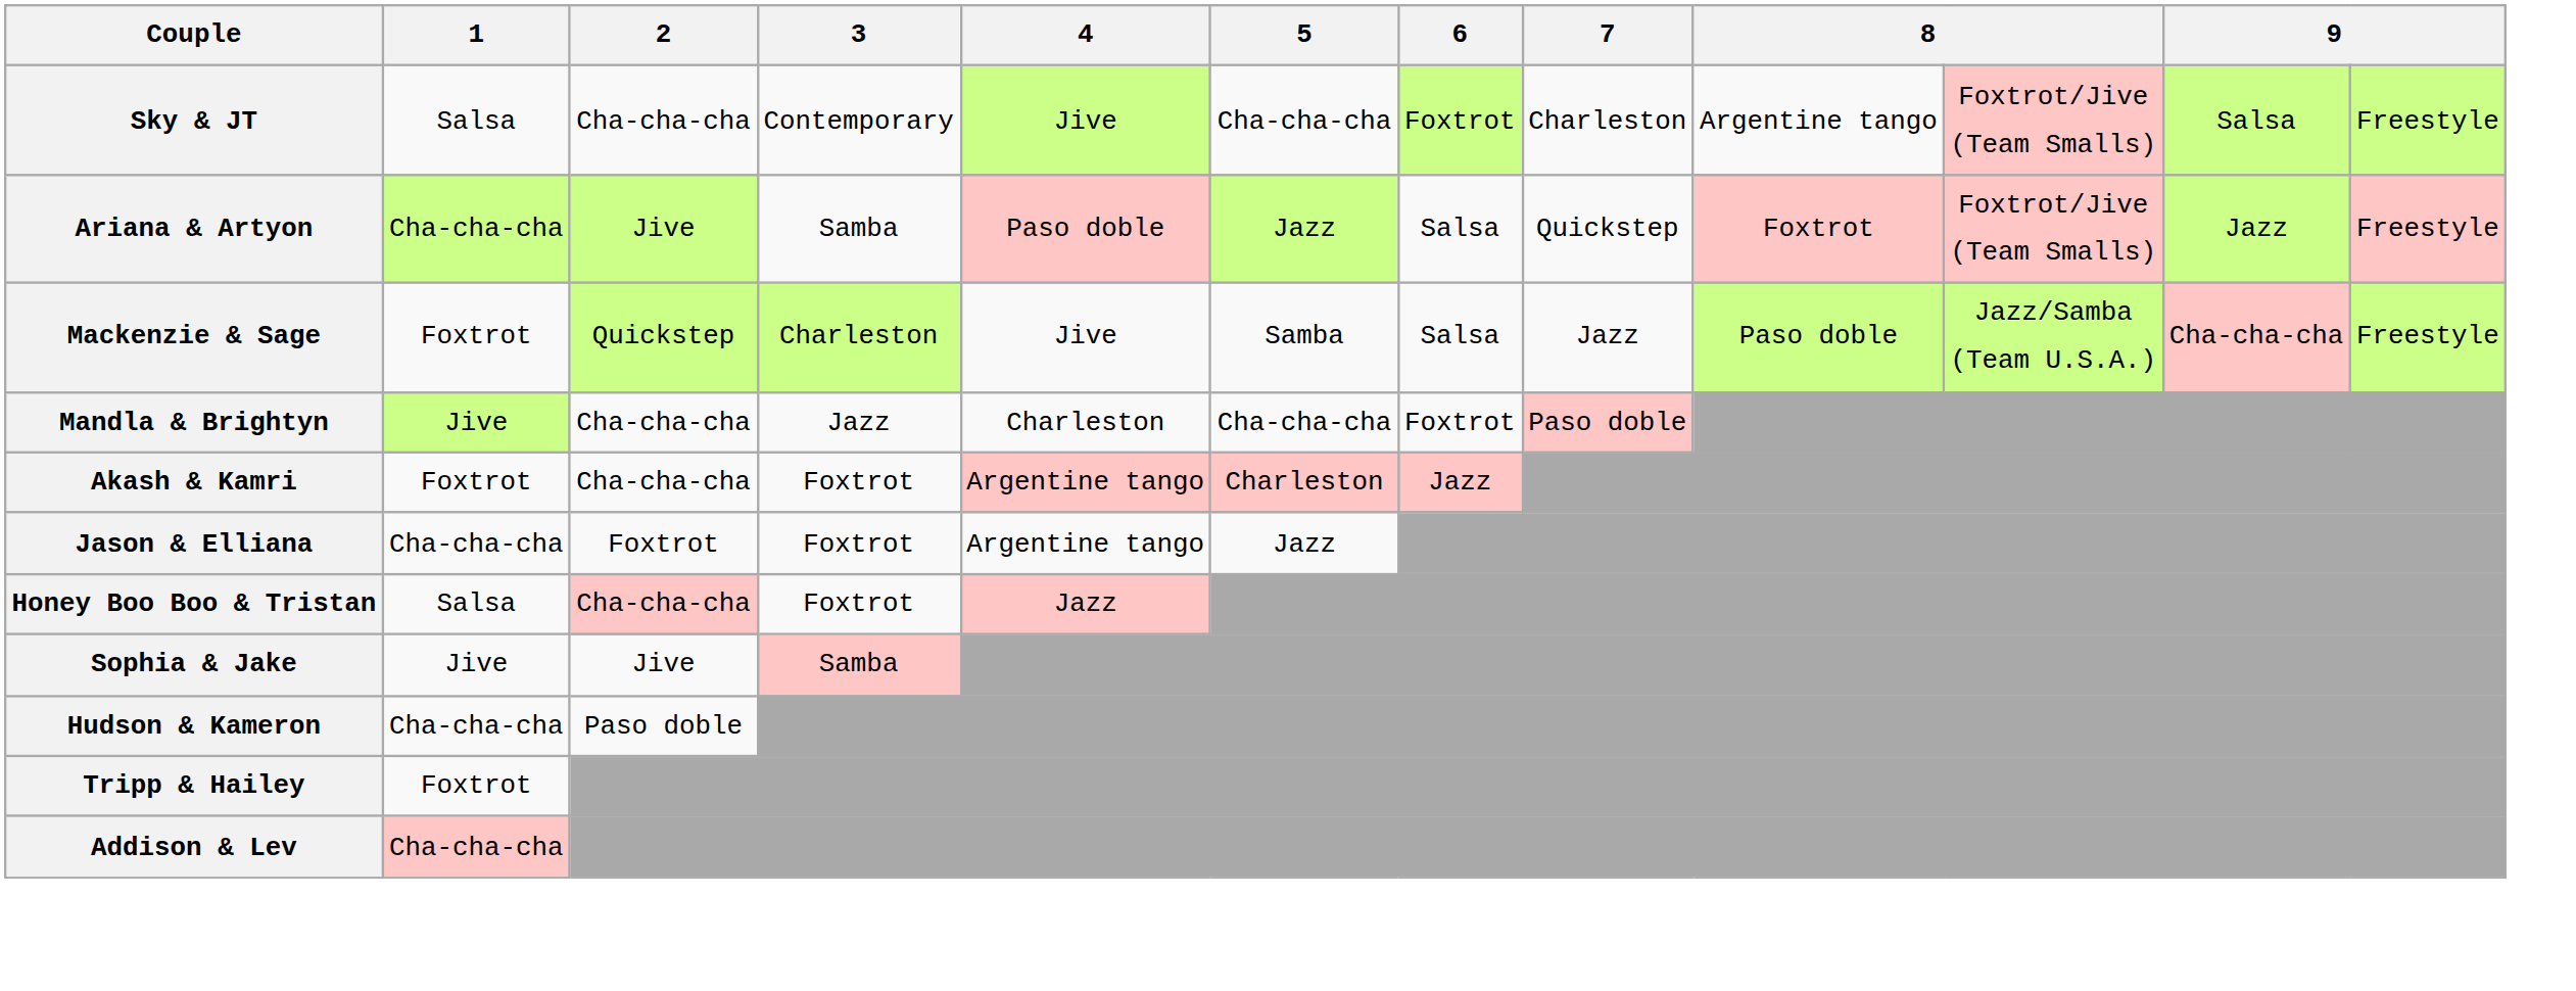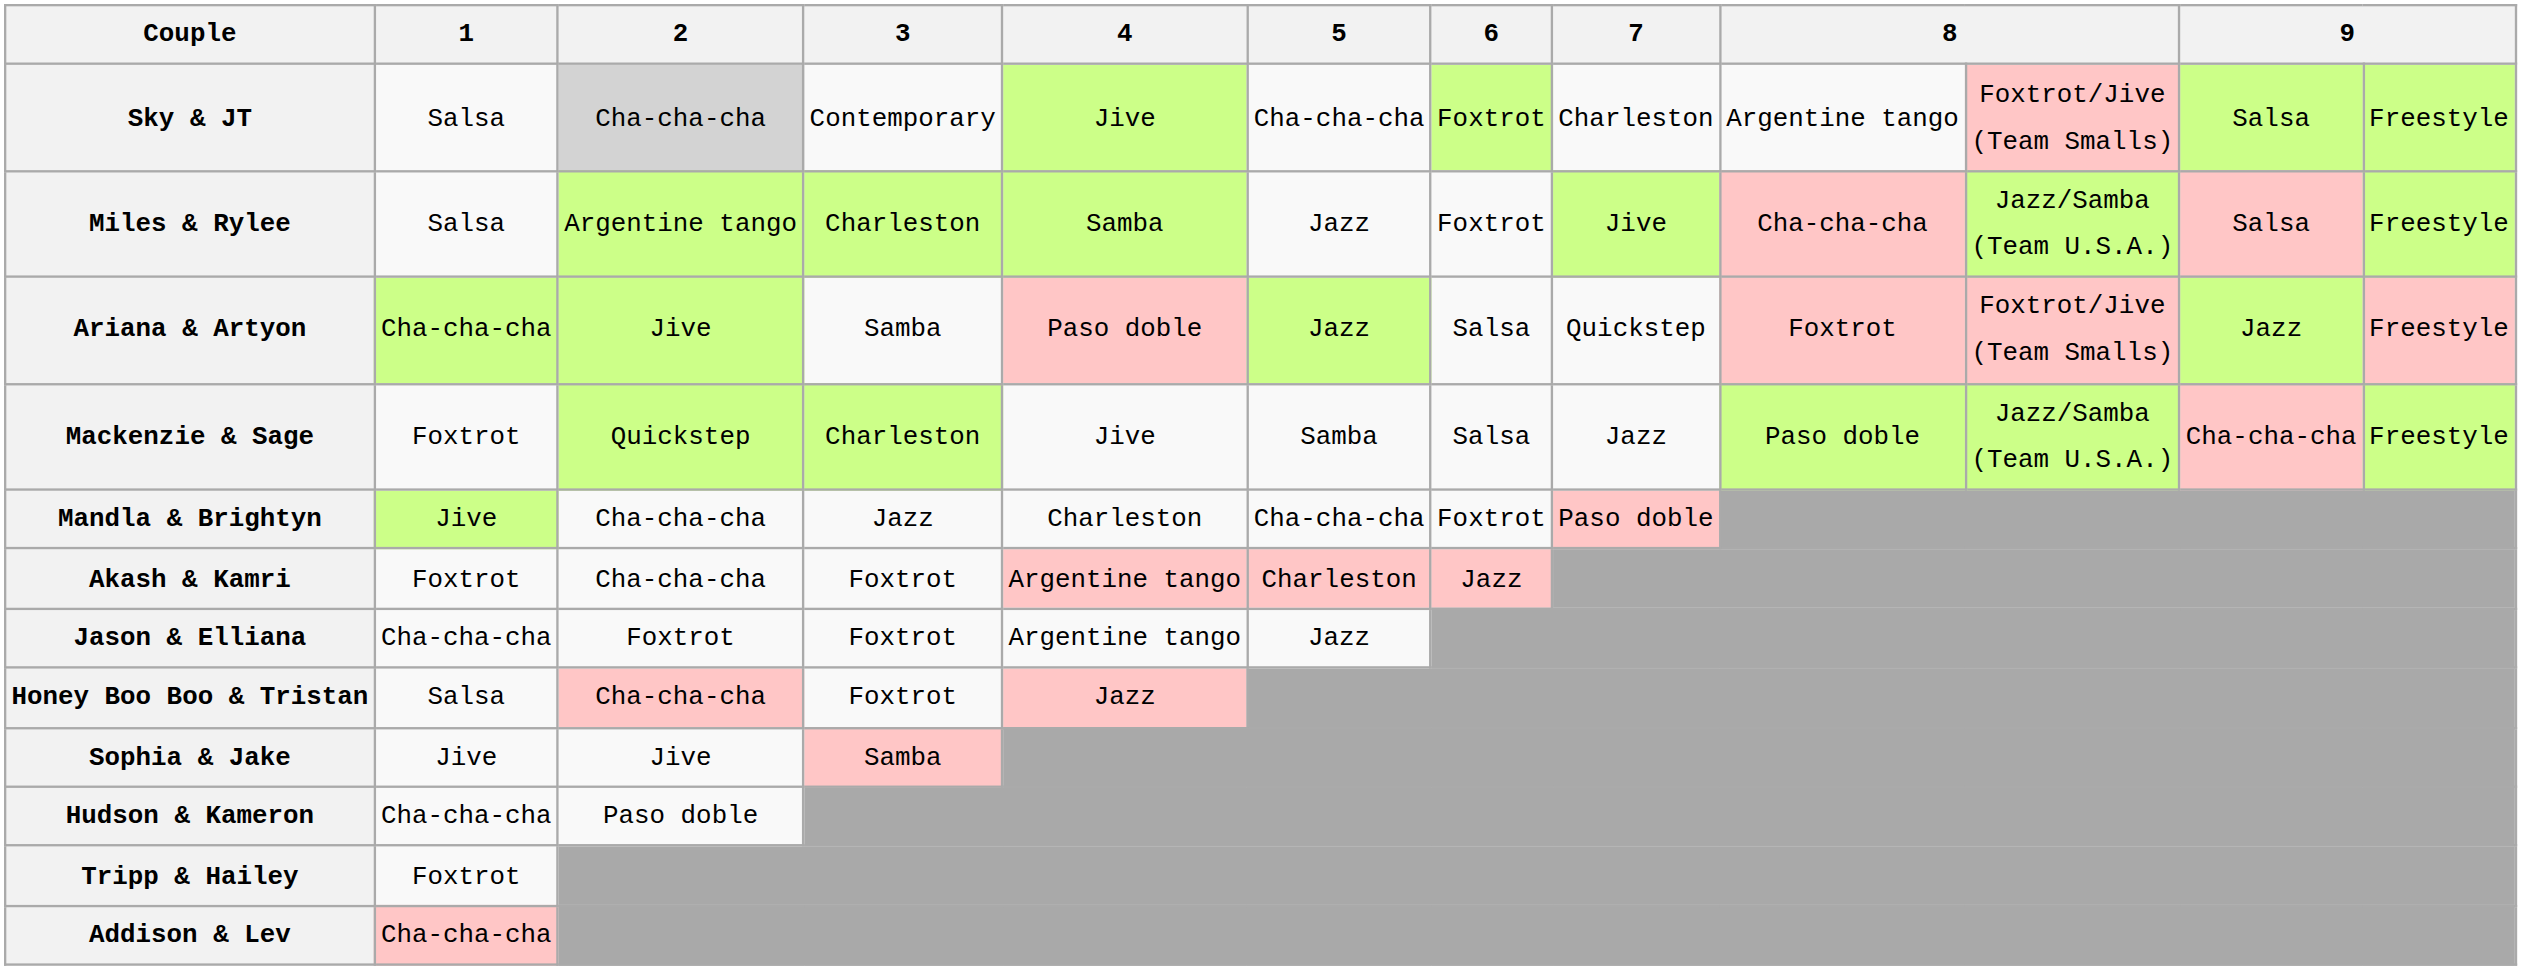 <table class="wikitable unsortable" style="text-align:center; font-size:85%; line-height:20px">
 <tr>
 <th scope="col">Couple</th>
 <th scope="col">1</th>
 <th scope="col">2</th>
 <th scope="col">3</th>
 <th scope="col">4</th>
 <th scope="col">5</th>
 <th scope="col">6</th>
 <th scope="col">7</th>
 <th scope="col" colspan=2>8</th>
 <th scope="col" colspan=2>9</th>
 </tr>
 <tr>
 <th scope="row">Sky & JT</th>
 <td>Salsa</td>
-<td>Cha-cha-cha</td>
+<td style="background: lightgrey;">Cha-cha-cha</td>
 <td>Contemporary</td>
 <td style="background:#ccff88">Jive</td>
 <td>Cha-cha-cha</td>
 <td style="background:#ccff88">Foxtrot</td>
 <td>Charleston</td>
 <td>Argentine tango</td>
 <td style="background:#ffc6c6">Foxtrot/Jive<br>(Team Smalls)</td>
 <td style="background:#ccff88">Salsa</td>
+<td style="background:#ccff88">Freestyle</td>
+</tr>
+<tr>
+<th scope="row">Miles & Rylee</th>
+<td>Salsa</td>
+<td style="background:#ccff88">Argentine tango</td>
+<td style="background:#ccff88">Charleston</td>
+<td style="background:#ccff88">Samba</td>
+<td>Jazz</td>
+<td>Foxtrot</td>
+<td style="background:#ccff88">Jive</td>
+<td style="background:#ffc6c6">Cha-cha-cha</td>
+<td style="background:#ccff88">Jazz/Samba<br>(Team U.S.A.)</td>
+<td style="background:#ffc6c6">Salsa</td>
 <td style="background:#ccff88">Freestyle</td>
 </tr>
 <tr>
 <th scope="row">Ariana & Artyon</th>
 <td style="background:#ccff88">Cha-cha-cha</td>
 <td style="background:#ccff88">Jive</td>
 <td>Samba</td>
 <td style="background:#ffc6c6">Paso doble</td>
 <td style="background:#ccff88">Jazz</td>
 <td>Salsa</td>
 <td>Quickstep</td>
 <td style="background:#ffc6c6">Foxtrot</td>
 <td style="background:#ffc6c6">Foxtrot/Jive<br>(Team Smalls)</td>
 <td style="background:#ccff88">Jazz</td>
 <td style="background:#ffc6c6">Freestyle</td>
 </tr>
 <tr>
 <th scope="row">Mackenzie & Sage</th>
 <td>Foxtrot</td>
 <td style="background:#ccff88">Quickstep</td>
 <td style="background:#ccff88">Charleston</td>
 <td>Jive</td>
 <td>Samba</td>
 <td>Salsa</td>
 <td>Jazz</td>
 <td style="background:#ccff88">Paso doble</td>
 <td style="background:#ccff88">Jazz/Samba<br>(Team U.S.A.)</td>
 <td style="background:#ffc6c6">Cha-cha-cha</td>
 <td style="background:#ccff88">Freestyle</td>
 </tr>
 <tr>
 <th scope="row">Mandla & Brightyn</th>
 <td style="background:#ccff88">Jive</td>
 <td>Cha-cha-cha</td>
 <td>Jazz</td>
 <td>Charleston</td>
 <td>Cha-cha-cha</td>
 <td>Foxtrot</td>
 <td style="background:#ffc6c6">Paso doble</td>
 <td colspan="4" style="background:darkgrey"></td>
 </tr>
 <tr>
 <th scope="row">Akash & Kamri</th>
 <td>Foxtrot</td>
 <td>Cha-cha-cha</td>
 <td>Foxtrot</td>
 <td style="background:#ffc6c6">Argentine tango</td>
 <td style="background:#ffc6c6">Charleston</td>
 <td style="background:#ffc6c6">Jazz</td>
 <td colspan="5" style="background:darkgrey"></td>
 </tr>
 <tr>
 <th scope="row">Jason & Elliana</th>
 <td>Cha-cha-cha</td>
 <td>Foxtrot</td>
 <td>Foxtrot</td>
 <td>Argentine tango</td>
 <td>Jazz</td>
 <td colspan="6" style="background:darkgrey"></td>
 </tr>
 <tr>
 <th scope="row">Honey Boo Boo & Tristan</th>
 <td>Salsa</td>
 <td style="background:#ffc6c6">Cha-cha-cha</td>
 <td>Foxtrot</td>
 <td style="background:#ffc6c6">Jazz</td>
 <td colspan="7" style="background:darkgrey"></td>
 </tr>
 <tr>
 <th scope="row">Sophia & Jake</th>
 <td>Jive</td>
 <td>Jive</td>
 <td style="background:#ffc6c6">Samba</td>
 <td colspan="8" style="background:darkgrey"></td>
 </tr>
 <tr>
 <th scope="row">Hudson & Kameron</th>
 <td>Cha-cha-cha</td>
 <td>Paso doble</td>
 <td colspan="9" style="background:darkgrey"></td>
 </tr>
 <tr>
 <th scope="row">Tripp & Hailey</th>
 <td>Foxtrot</td>
 <td colspan="10" style="background:darkgrey"></td>
 </tr>
 <tr>
 <th scope="row">Addison & Lev</th>
 <td style="background:#ffc6c6">Cha-cha-cha</td>
 <td colspan="10" style="background:darkgrey"></td>
 </tr>
 </table>
